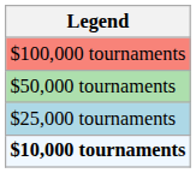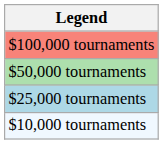 <table class="wikitable" style="font-size:85%">
 <tr>
 <th>Legend</th>
 </tr>
 <tr bgcolor="#F88379">
 <td>$100,000 tournaments</td>
 </tr>
 <tr bgcolor="#ADDFAD">
 <td>$50,000 tournaments</td>
 </tr>
 <tr bgcolor="lightblue">
 <td>$25,000 tournaments</td>
 </tr>
 <tr bgcolor="#f0f8ff">
-<td><strong>$10,000 tournaments</strong></td>
+<td>$10,000 tournaments</td>
 </tr>
 </table>
